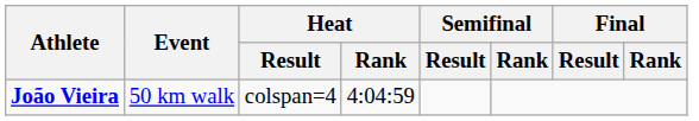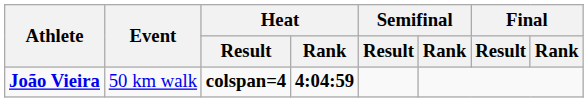 <table class="wikitable"  style=font-size:90%>
 <tr>
 <th rowspan="2">Athlete</th>
 <th rowspan="2">Event</th>
 <th colspan="2">Heat</th>
 <th colspan="2">Semifinal</th>
 <th colspan="2">Final</th>
 </tr>
 <tr>
 <th>Result</th>
 <th>Rank</th>
 <th>Result</th>
 <th>Rank</th>
 <th>Result</th>
 <th>Rank</th>
 </tr>
 <tr style=text-align:center>
 <td style=text-align:left><strong><a href='#'>João Vieira</a></strong></td>
 <td style=text-align:left><a href='#'>50 km walk</a></td>
-<td>colspan=4</td>
-<td>4:04:59</td>
+<td><strong>colspan=4</strong></td>
+<td><strong>4:04:59</strong></td>
 <td></td>
 </tr>
 </table>
